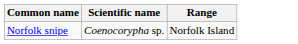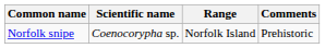 <table class="wikitable">
 <tr>
 <th>Common name</th>
 <th>Scientific name</th>
 <th>Range</th>
+<th class="unsortable">Comments</th>
 </tr>
 <tr>
 <td><a href='#'>Norfolk snipe</a></td>
 <td><em>Coenocorypha</em> sp.</td>
 <td>Norfolk Island</td>
+<td>Prehistoric</td>
 </tr>
 </table>
